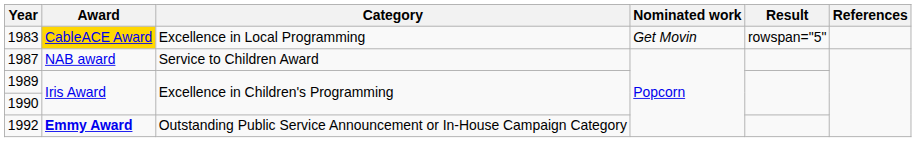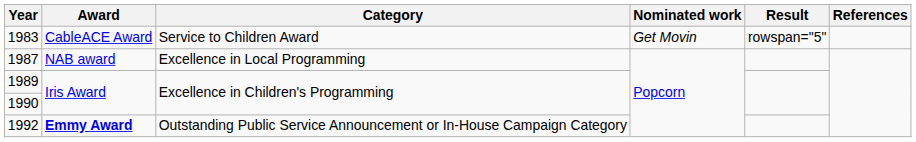 <table class="wikitable sortable">
 <tr>
 <th>Year</th>
 <th>Award</th>
 <th>Category</th>
 <th>Nominated work</th>
 <th>Result</th>
 <th>References</th>
 </tr>
 <tr>
 <td>1983</td>
-<td style="background: gold;"><a href='#'>CableACE Award</a></td>
-<td>Excellence in Local Programming</td>
+<td><a href='#'>CableACE Award</a></td>
+<td>Service to Children Award</td>
 <td><em>Get Movin<strong></td>
 <td>rowspan="5"</td>
 <td></td>
 </tr>
 <tr>
 <td>1987</td>
 <td><a href='#'>NAB award</a></td>
-<td>Service to Children Award</td>
+<td>Excellence in Local Programming</td>
 <td rowspan=4></em><a href='#'>Popcorn</a><em></td>
 <td></td>
 </tr>
 <tr>
 <td>1989</td>
 <td rowspan=2><a href='#'>Iris Award</a></td>
 <td rowspan=2>Excellence in Children's Programming</td>
 <td rowspan=2></td>
 </tr>
 <tr>
 <td>1990</td>
 </tr>
 <tr>
 <td>1992</td>
 <td><strong><a href='#'>Emmy Award</a></strong></td>
 <td>Outstanding Public Service Announcement or In-House Campaign Category</td>
 <td></td>
 </tr>
 </table>
